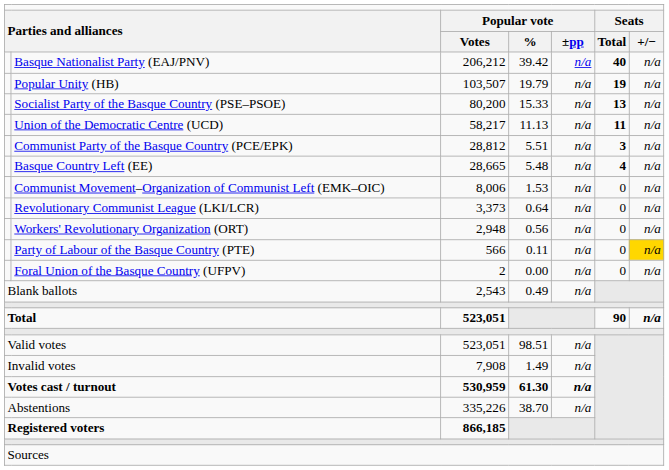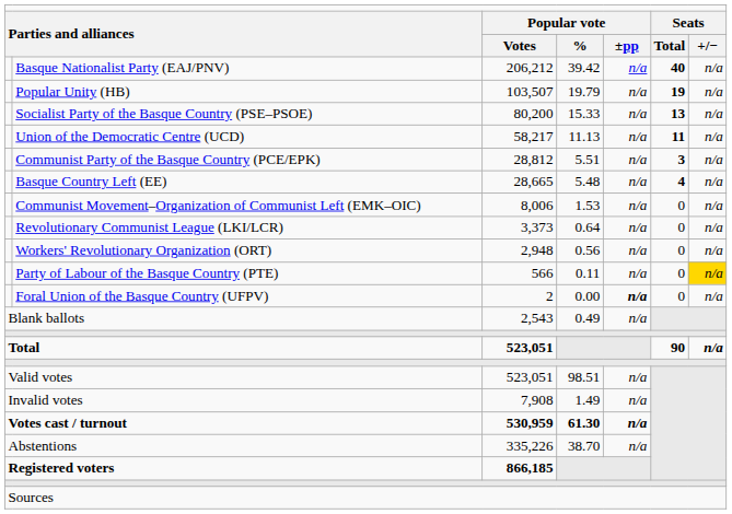 <table class="wikitable" style="text-align:right;">
 <tr>
 <td colspan="7"></td>
 </tr>
 <tr>
 <th style="text-align:left;" rowspan="2" colspan="2" width="525">Parties and alliances</th>
 <th colspan="3">Popular vote</th>
 <th colspan="2">Seats</th>
 </tr>
 <tr>
 <th width="75">Votes</th>
 <th width="45">%</th>
 <th width="45">±<a href='#'>pp</a></th>
 <th width="35">Total</th>
 <th width="35">+/−</th>
 </tr>
 <tr>
 <td width="1" style="color:inherit;background:"></td>
 <td align="left"><a href='#'>Basque Nationalist Party</a> (EAJ/PNV)</td>
 <td>206,212</td>
 <td>39.42</td>
 <td><em><a href='#'>n/a</a></em></td>
 <td><strong>40</strong></td>
 <td><em>n/a</em></td>
 </tr>
 <tr>
 <td style="color:inherit;background:"></td>
 <td align="left"><a href='#'>Popular Unity</a> (HB)</td>
 <td>103,507</td>
 <td>19.79</td>
 <td><em>n/a</em></td>
 <td><strong>19</strong></td>
 <td><em>n/a</em></td>
 </tr>
 <tr>
 <td style="color:inherit;background:"></td>
 <td align="left"><a href='#'>Socialist Party of the Basque Country</a> (PSE–PSOE)</td>
 <td>80,200</td>
 <td>15.33</td>
 <td><em>n/a</em></td>
 <td><strong>13</strong></td>
 <td><em>n/a</em></td>
 </tr>
 <tr>
 <td style="color:inherit;background:"></td>
 <td align="left"><a href='#'>Union of the Democratic Centre</a> (UCD)</td>
 <td>58,217</td>
 <td>11.13</td>
 <td><em>n/a</em></td>
 <td><strong>11</strong></td>
 <td><em>n/a</em></td>
 </tr>
 <tr>
 <td style="color:inherit;background:"></td>
 <td align="left"><a href='#'>Communist Party of the Basque Country</a> (PCE/EPK)</td>
 <td>28,812</td>
 <td>5.51</td>
 <td><em>n/a</em></td>
 <td><strong>3</strong></td>
 <td><em>n/a</em></td>
 </tr>
 <tr>
 <td style="color:inherit;background:"></td>
 <td align="left"><a href='#'>Basque Country Left</a> (EE)</td>
 <td>28,665</td>
 <td>5.48</td>
 <td><em>n/a</em></td>
 <td><strong>4</strong></td>
 <td><em>n/a</em></td>
 </tr>
 <tr>
 <td style="color:inherit;background:"></td>
 <td align="left"><a href='#'>Communist Movement</a>–<a href='#'>Organization of Communist Left</a> (EMK–OIC)</td>
 <td>8,006</td>
 <td>1.53</td>
 <td><em>n/a</em></td>
 <td>0</td>
 <td><em>n/a</em></td>
 </tr>
 <tr>
 <td style="color:inherit;background:"></td>
 <td align="left"><a href='#'>Revolutionary Communist League</a> (LKI/LCR)</td>
 <td>3,373</td>
 <td>0.64</td>
 <td><em>n/a</em></td>
 <td>0</td>
 <td><em>n/a</em></td>
 </tr>
 <tr>
 <td style="color:inherit;background:"></td>
 <td align="left"><a href='#'>Workers' Revolutionary Organization</a> (ORT)</td>
 <td>2,948</td>
 <td>0.56</td>
 <td><em>n/a</em></td>
 <td>0</td>
 <td><em>n/a</em></td>
 </tr>
 <tr>
 <td style="color:inherit;background:"></td>
 <td align="left"><a href='#'>Party of Labour of the Basque Country</a> (PTE)</td>
 <td>566</td>
 <td>0.11</td>
 <td><em>n/a</em></td>
 <td>0</td>
 <td style="background: gold;"><em>n/a</em></td>
 </tr>
 <tr>
 <td style="color:inherit;background:"></td>
 <td align="left"><a href='#'>Foral Union of the Basque Country</a> (UFPV)</td>
 <td>2</td>
 <td>0.00</td>
-<td><em>n/a</em></td>
+<td><strong><em>n/a</em></strong></td>
 <td>0</td>
 <td><em>n/a</em></td>
 </tr>
 <tr>
 <td align="left" colspan="2">Blank ballots</td>
 <td>2,543</td>
 <td>0.49</td>
 <td><em>n/a</em></td>
 <td bgcolor="#E9E9E9" colspan="2"></td>
 </tr>
 <tr>
 <td colspan="7" bgcolor="#E9E9E9"></td>
 </tr>
 <tr style="font-weight:bold;">
 <td align="left" colspan="2">Total</td>
 <td>523,051</td>
 <td bgcolor="#E9E9E9" colspan="2"></td>
 <td>90</td>
 <td><em>n/a</em></td>
 </tr>
 <tr>
 <td colspan="7" bgcolor="#E9E9E9"></td>
 </tr>
 <tr>
 <td align="left" colspan="2">Valid votes</td>
 <td>523,051</td>
 <td>98.51</td>
 <td><em>n/a</em></td>
 <td bgcolor="#E9E9E9" colspan="2" rowspan="5"></td>
 </tr>
 <tr>
 <td align="left" colspan="2">Invalid votes</td>
 <td>7,908</td>
 <td>1.49</td>
 <td><em>n/a</em></td>
 </tr>
 <tr style="font-weight:bold;">
 <td align="left" colspan="2">Votes cast / turnout</td>
 <td>530,959</td>
 <td>61.30</td>
 <td><em>n/a</em></td>
 </tr>
 <tr>
 <td align="left" colspan="2">Abstentions</td>
 <td>335,226</td>
 <td>38.70</td>
 <td><em>n/a</em></td>
 </tr>
 <tr style="font-weight:bold;">
 <td align="left" colspan="2">Registered voters</td>
 <td>866,185</td>
 <td bgcolor="#E9E9E9" colspan="2"></td>
 </tr>
 <tr>
 <td colspan="7" bgcolor="#E9E9E9"></td>
 </tr>
 <tr>
 <td align="left" colspan="7">Sources</td>
 </tr>
 </table>
